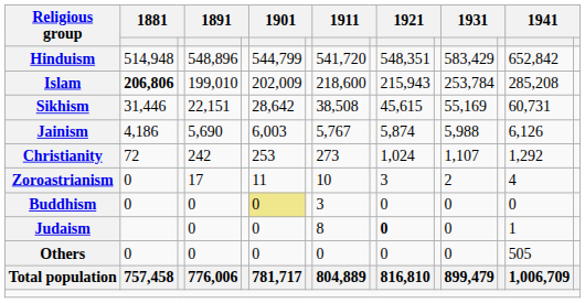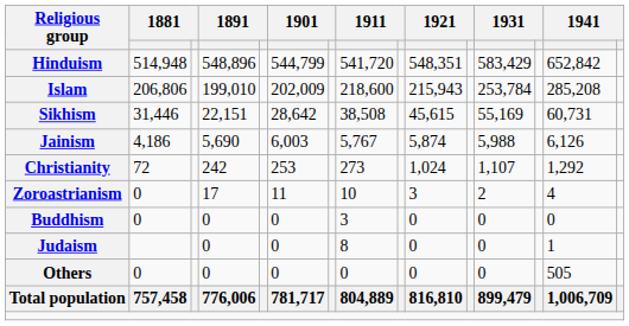 <table class="wikitable sortable">
 <tr>
 <th rowspan="2"><a href='#'>Religious</a><br>group</th>
 <th colspan="2">1881</th>
 <th colspan="2">1891</th>
 <th colspan="2">1901</th>
 <th colspan="2">1911</th>
 <th colspan="2">1921</th>
 <th colspan="2">1931</th>
 <th colspan="2">1941</th>
 </tr>
 <tr>
 <th><a href='#'></a></th>
 <th></th>
 <th></th>
 <th></th>
 <th></th>
 <th></th>
 <th></th>
 <th></th>
 <th></th>
 <th></th>
 <th></th>
 <th></th>
 <th></th>
 <th></th>
 </tr>
 <tr>
 <th><a href='#'>Hinduism</a> </th>
 <td>514,948</td>
 <td></td>
 <td>548,896</td>
 <td></td>
 <td>544,799</td>
 <td></td>
 <td>541,720</td>
 <td></td>
 <td>548,351</td>
 <td></td>
 <td>583,429</td>
 <td></td>
 <td>652,842</td>
 <td></td>
 </tr>
 <tr>
 <th><a href='#'>Islam</a> </th>
-<td><strong>206,806</strong></td>
+<td>206,806</td>
 <td></td>
 <td>199,010</td>
 <td></td>
 <td>202,009</td>
 <td></td>
 <td>218,600</td>
 <td></td>
 <td>215,943</td>
 <td></td>
 <td>253,784</td>
 <td></td>
 <td>285,208</td>
 <td></td>
 </tr>
 <tr>
 <th><a href='#'>Sikhism</a> </th>
 <td>31,446</td>
 <td></td>
 <td>22,151</td>
 <td></td>
 <td>28,642</td>
 <td></td>
 <td>38,508</td>
 <td></td>
 <td>45,615</td>
 <td></td>
 <td>55,169</td>
 <td></td>
 <td>60,731</td>
 <td></td>
 </tr>
 <tr>
 <th><a href='#'>Jainism</a> </th>
 <td>4,186</td>
 <td></td>
 <td>5,690</td>
 <td></td>
 <td>6,003</td>
 <td></td>
 <td>5,767</td>
 <td></td>
 <td>5,874</td>
 <td></td>
 <td>5,988</td>
 <td></td>
 <td>6,126</td>
 <td></td>
 </tr>
 <tr>
 <th><a href='#'>Christianity</a> </th>
 <td>72</td>
 <td></td>
 <td>242</td>
 <td></td>
 <td>253</td>
 <td></td>
 <td>273</td>
 <td></td>
 <td>1,024</td>
 <td></td>
 <td>1,107</td>
 <td></td>
 <td>1,292</td>
 <td></td>
 </tr>
 <tr>
 <th><a href='#'>Zoroastrianism</a> </th>
 <td>0</td>
 <td></td>
 <td>17</td>
 <td></td>
 <td>11</td>
 <td></td>
 <td>10</td>
 <td></td>
 <td>3</td>
 <td></td>
 <td>2</td>
 <td></td>
 <td>4</td>
 <td></td>
 </tr>
 <tr>
 <th><a href='#'>Buddhism</a> </th>
 <td>0</td>
 <td></td>
 <td>0</td>
 <td></td>
-<td style="background: khaki;">0</td>
+<td>0</td>
 <td></td>
 <td>3</td>
 <td></td>
 <td>0</td>
 <td></td>
 <td>0</td>
 <td></td>
 <td>0</td>
 <td></td>
 </tr>
 <tr>
 <th><a href='#'>Judaism</a> </th>
 <td></td>
 <td></td>
 <td>0</td>
 <td></td>
 <td>0</td>
 <td></td>
 <td>8</td>
 <td></td>
-<td><strong>0</strong></td>
+<td>0</td>
 <td></td>
 <td>0</td>
 <td></td>
 <td>1</td>
 <td></td>
 </tr>
 <tr>
 <th>Others</th>
 <td>0</td>
 <td></td>
 <td>0</td>
 <td></td>
 <td>0</td>
 <td></td>
 <td>0</td>
 <td></td>
 <td>0</td>
 <td></td>
 <td>0</td>
 <td></td>
 <td>505</td>
 <td></td>
 </tr>
 <tr>
 <th>Total population</th>
 <th>757,458</th>
 <th></th>
 <th>776,006</th>
 <th></th>
 <th>781,717</th>
 <th></th>
 <th>804,889</th>
 <th></th>
 <th>816,810</th>
 <th></th>
 <th>899,479</th>
 <th></th>
 <th>1,006,709</th>
 <th></th>
 </tr>
 <tr class="sortbottom">
 <td colspan="15"></td>
 </tr>
 </table>
